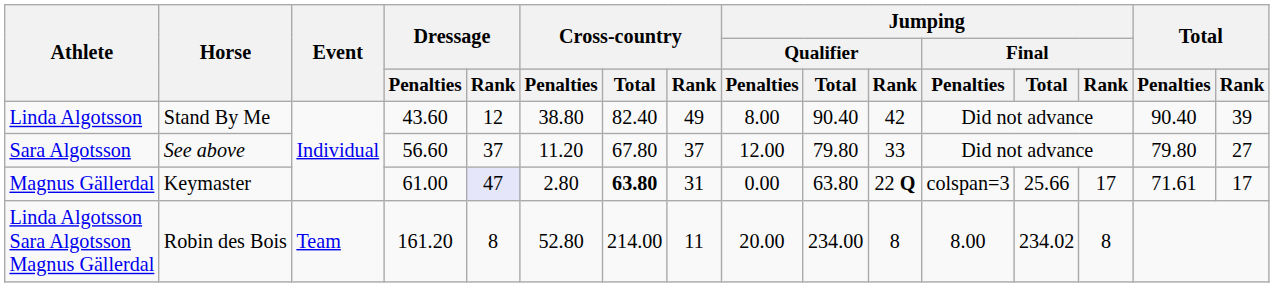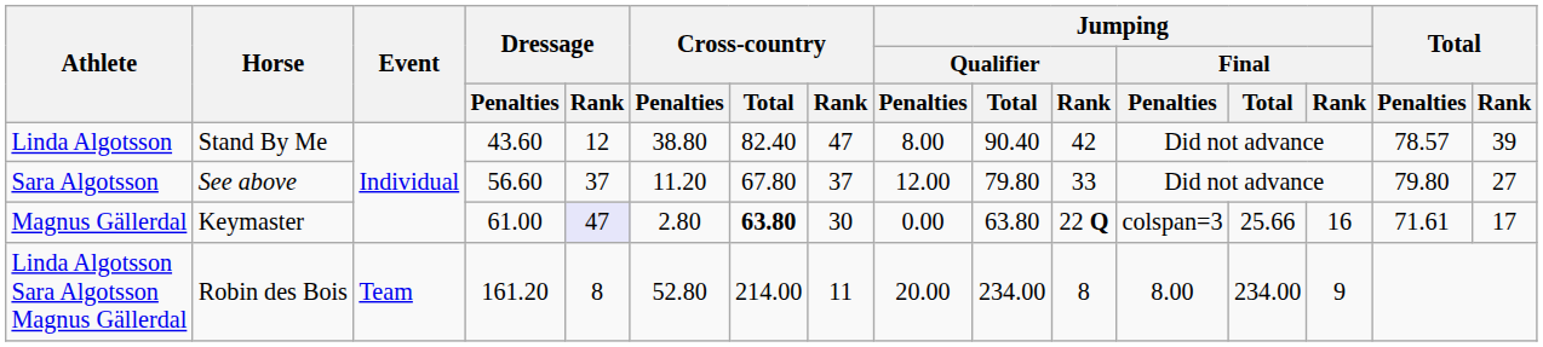 <table class=wikitable style="font-size:90%">
 <tr>
 <th rowspan="3">Athlete</th>
 <th rowspan="3">Horse</th>
 <th rowspan="3">Event</th>
 <th colspan="2" rowspan="2">Dressage</th>
 <th colspan="3" rowspan="2">Cross-country</th>
 <th colspan="6">Jumping</th>
 <th colspan="2" rowspan="2">Total</th>
 </tr>
 <tr style="font-size:95%">
 <th colspan="3">Qualifier</th>
 <th colspan="3">Final</th>
 </tr>
 <tr style="font-size:95%">
 <th>Penalties</th>
 <th>Rank</th>
 <th>Penalties</th>
 <th>Total</th>
 <th>Rank</th>
 <th>Penalties</th>
 <th>Total</th>
 <th>Rank</th>
 <th>Penalties</th>
 <th>Total</th>
 <th>Rank</th>
 <th>Penalties</th>
 <th>Rank</th>
 </tr>
 <tr align=center>
 <td align=left><a href='#'>Linda Algotsson</a></td>
 <td align=left>Stand By Me</td>
 <td align=left rowspan=3><a href='#'>Individual</a></td>
 <td>43.60</td>
 <td>12</td>
 <td>38.80</td>
 <td>82.40</td>
-<td>49</td>
+<td>47</td>
 <td>8.00</td>
 <td>90.40</td>
 <td>42</td>
 <td colspan=3>Did not advance</td>
-<td>90.40</td>
+<td>78.57</td>
 <td>39</td>
 </tr>
 <tr align=center>
 <td align=left><a href='#'>Sara Algotsson</a></td>
 <td align=left><em>See above</em></td>
 <td>56.60</td>
 <td>37</td>
 <td>11.20</td>
 <td>67.80</td>
 <td>37</td>
 <td>12.00</td>
 <td>79.80</td>
 <td>33</td>
 <td colspan=3>Did not advance</td>
 <td>79.80</td>
 <td>27</td>
 </tr>
 <tr align=center>
 <td align=left><a href='#'>Magnus Gällerdal</a></td>
 <td align=left>Keymaster</td>
 <td>61.00</td>
 <td style="background: lavender;">47</td>
 <td>2.80</td>
 <td><strong>63.80</strong></td>
-<td>31</td>
+<td>30</td>
 <td>0.00</td>
 <td>63.80</td>
 <td>22 <strong>Q</strong></td>
 <td>colspan=3 </td>
 <td>25.66</td>
-<td>17</td>
+<td>16</td>
 <td>71.61</td>
 <td>17</td>
 </tr>
 <tr align=center>
 <td align=left><a href='#'>Linda Algotsson</a><br><a href='#'>Sara Algotsson</a><br><a href='#'>Magnus Gällerdal</a></td>
 <td align=left>Robin des Bois</td>
 <td align=left rowspan=3><a href='#'>Team</a></td>
 <td>161.20</td>
 <td>8</td>
 <td>52.80</td>
 <td>214.00</td>
 <td>11</td>
 <td>20.00</td>
 <td>234.00</td>
 <td>8</td>
 <td>8.00</td>
-<td>234.02</td>
-<td>8</td>
+<td>234.00</td>
+<td>9</td>
 </tr>
 </table>
